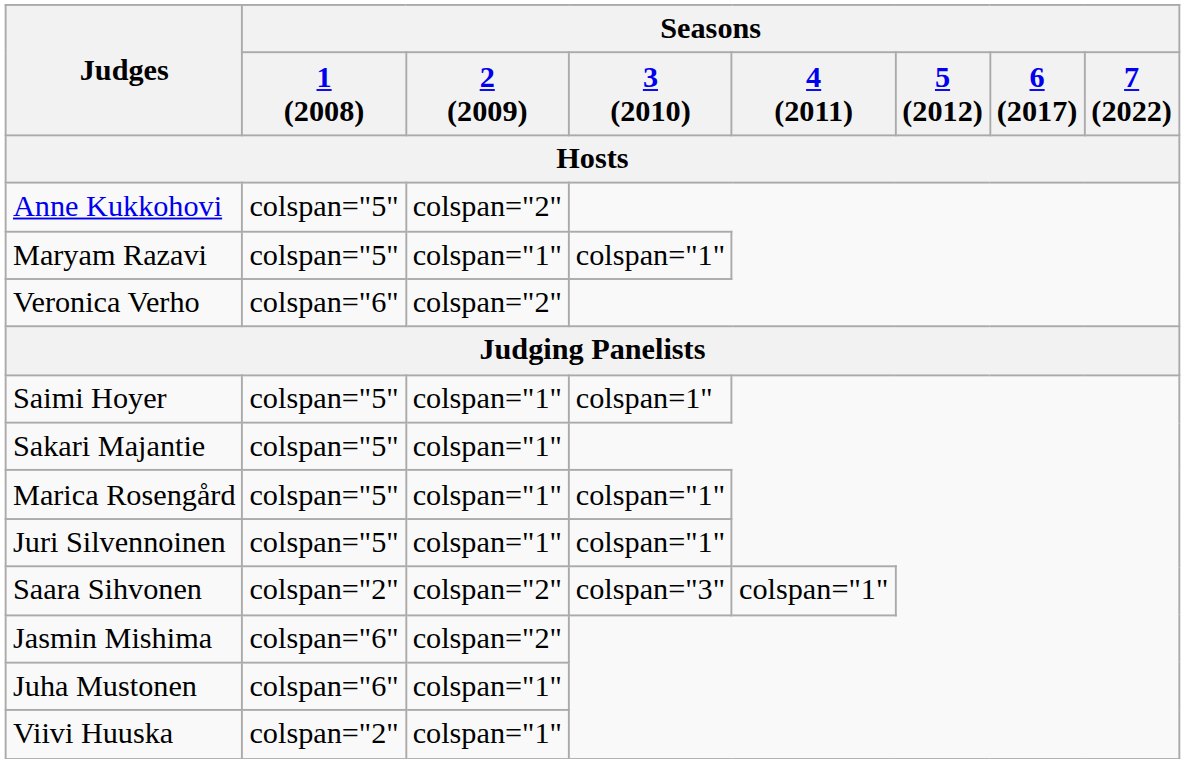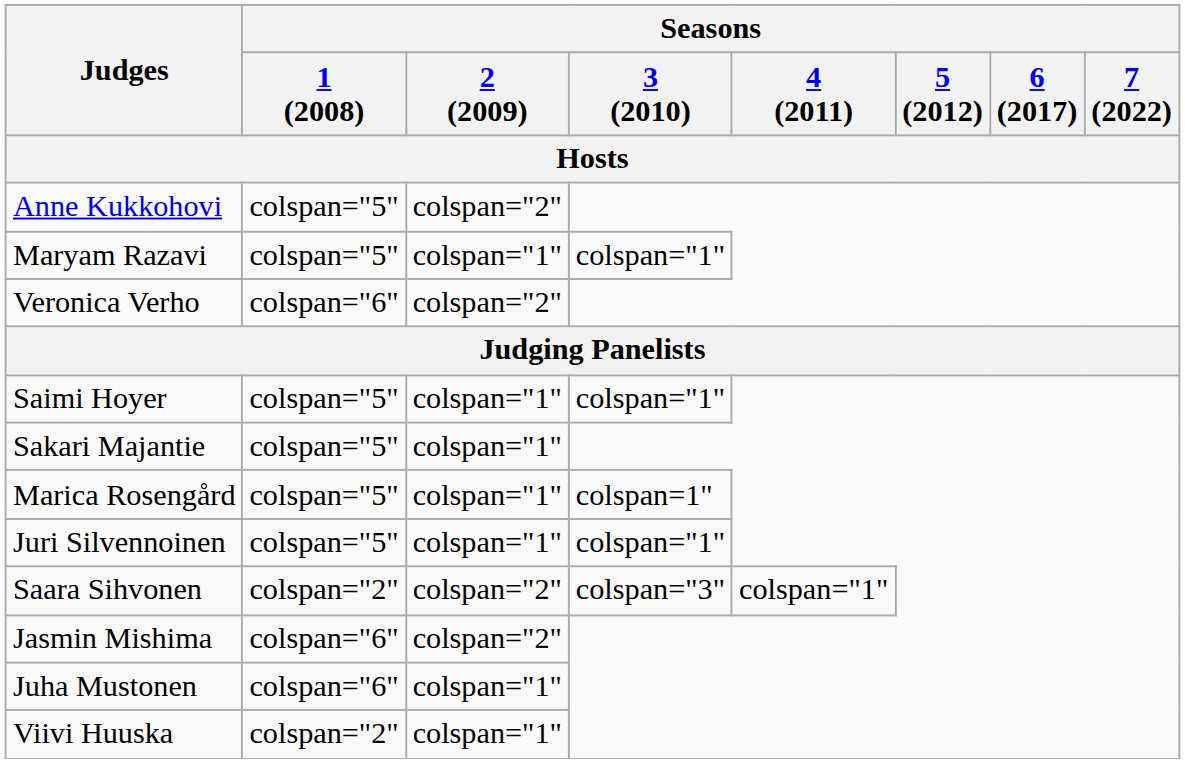 <table class="wikitable" style="margin:1em auto 1em auto;">
 <tr>
 <th rowspan="2">Judges</th>
 <th colspan="7">Seasons</th>
 </tr>
 <tr>
 <th><a href='#'>1</a><br> (2008)</th>
 <th><a href='#'>2</a><br> (2009)</th>
 <th><a href='#'>3</a><br> (2010)</th>
 <th><a href='#'>4</a><br> (2011)</th>
 <th><a href='#'>5</a><br> (2012)</th>
 <th><a href='#'>6</a><br> (2017)</th>
 <th><a href='#'>7</a><br> (2022)</th>
 </tr>
 <tr>
 <th scope="col" colspan="8">Hosts</th>
 </tr>
 <tr>
 <td scope="row"><a href='#'>Anne Kukkohovi</a></td>
 <td>colspan="5" </td>
 <td>colspan="2" </td>
 </tr>
 <tr>
 <td scope="row">Maryam Razavi</td>
 <td>colspan="5" </td>
 <td>colspan="1" </td>
 <td>colspan="1" </td>
 </tr>
 <tr>
 <td scope="row">Veronica Verho</td>
 <td>colspan="6"  </td>
 <td>colspan="2" </td>
 </tr>
 <tr>
 <th scope="col" colspan="8">Judging Panelists</th>
 </tr>
 <tr>
 <td scope="row">Saimi Hoyer</td>
 <td>colspan="5" </td>
 <td>colspan="1" </td>
-<td>colspan=1" </td>
+<td>colspan="1" </td>
 </tr>
 <tr>
 <td scope="row">Sakari Majantie</td>
 <td>colspan="5" </td>
 <td>colspan="1" </td>
 </tr>
 <tr>
 <td scope="row">Marica Rosengård</td>
 <td>colspan="5" </td>
 <td>colspan="1" </td>
-<td>colspan="1" </td>
+<td>colspan=1" </td>
 </tr>
 <tr>
 <td scope="row">Juri Silvennoinen</td>
 <td>colspan="5" </td>
 <td>colspan="1" </td>
 <td>colspan="1" </td>
 </tr>
 <tr>
 <td scope="row">Saara Sihvonen</td>
 <td>colspan="2" </td>
 <td>colspan="2" </td>
 <td>colspan="3" </td>
 <td>colspan="1" </td>
 </tr>
 <tr>
 <td scope="row">Jasmin Mishima</td>
 <td>colspan="6" </td>
 <td>colspan="2" </td>
 </tr>
 <tr>
 <td scope="row">Juha Mustonen</td>
 <td>colspan="6" </td>
 <td>colspan="1" </td>
 </tr>
 <tr>
 <td scope="row">Viivi Huuska</td>
 <td>colspan="2" </td>
 <td>colspan="1" </td>
 </tr>
 </table>
